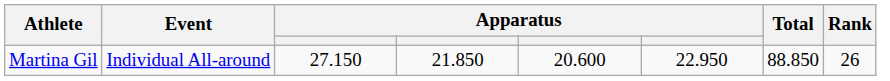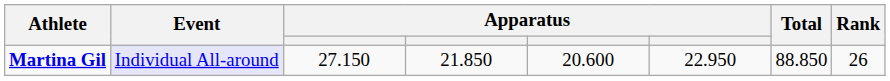 <table class="wikitable" style="font-size:90%; text-align:center">
 <tr>
 <th rowspan="2">Athlete</th>
 <th rowspan="2">Event</th>
 <th colspan="4">Apparatus</th>
 <th rowspan="2">Total</th>
 <th rowspan="2">Rank</th>
 </tr>
 <tr>
 <th style="width:6em"></th>
 <th style="width:6em"></th>
 <th style="width:6em"></th>
 <th style="width:6em"></th>
 </tr>
 <tr>
-<td align="left"><a href='#'>Martina Gil</a></td>
-<td align="left"><a href='#'>Individual All-around</a></td>
+<td align="left"><strong><a href='#'>Martina Gil</a></strong></td>
+<td align="left" style="background: lavender;"><a href='#'>Individual All-around</a></td>
 <td>27.150</td>
 <td>21.850</td>
 <td>20.600</td>
 <td>22.950</td>
 <td>88.850</td>
 <td>26</td>
 </tr>
 </table>
